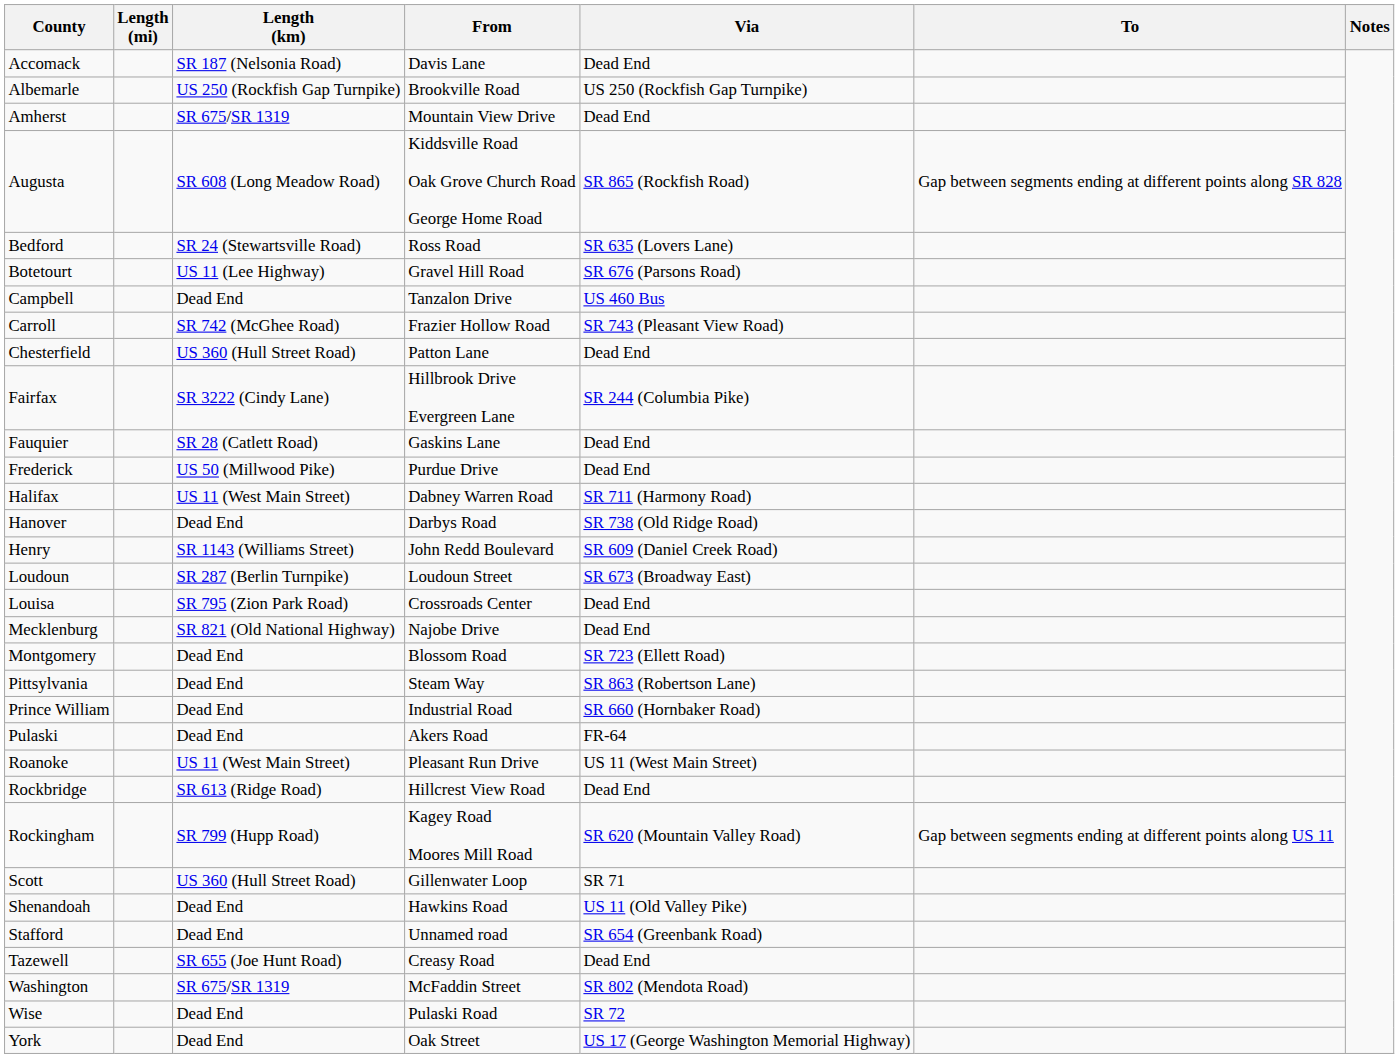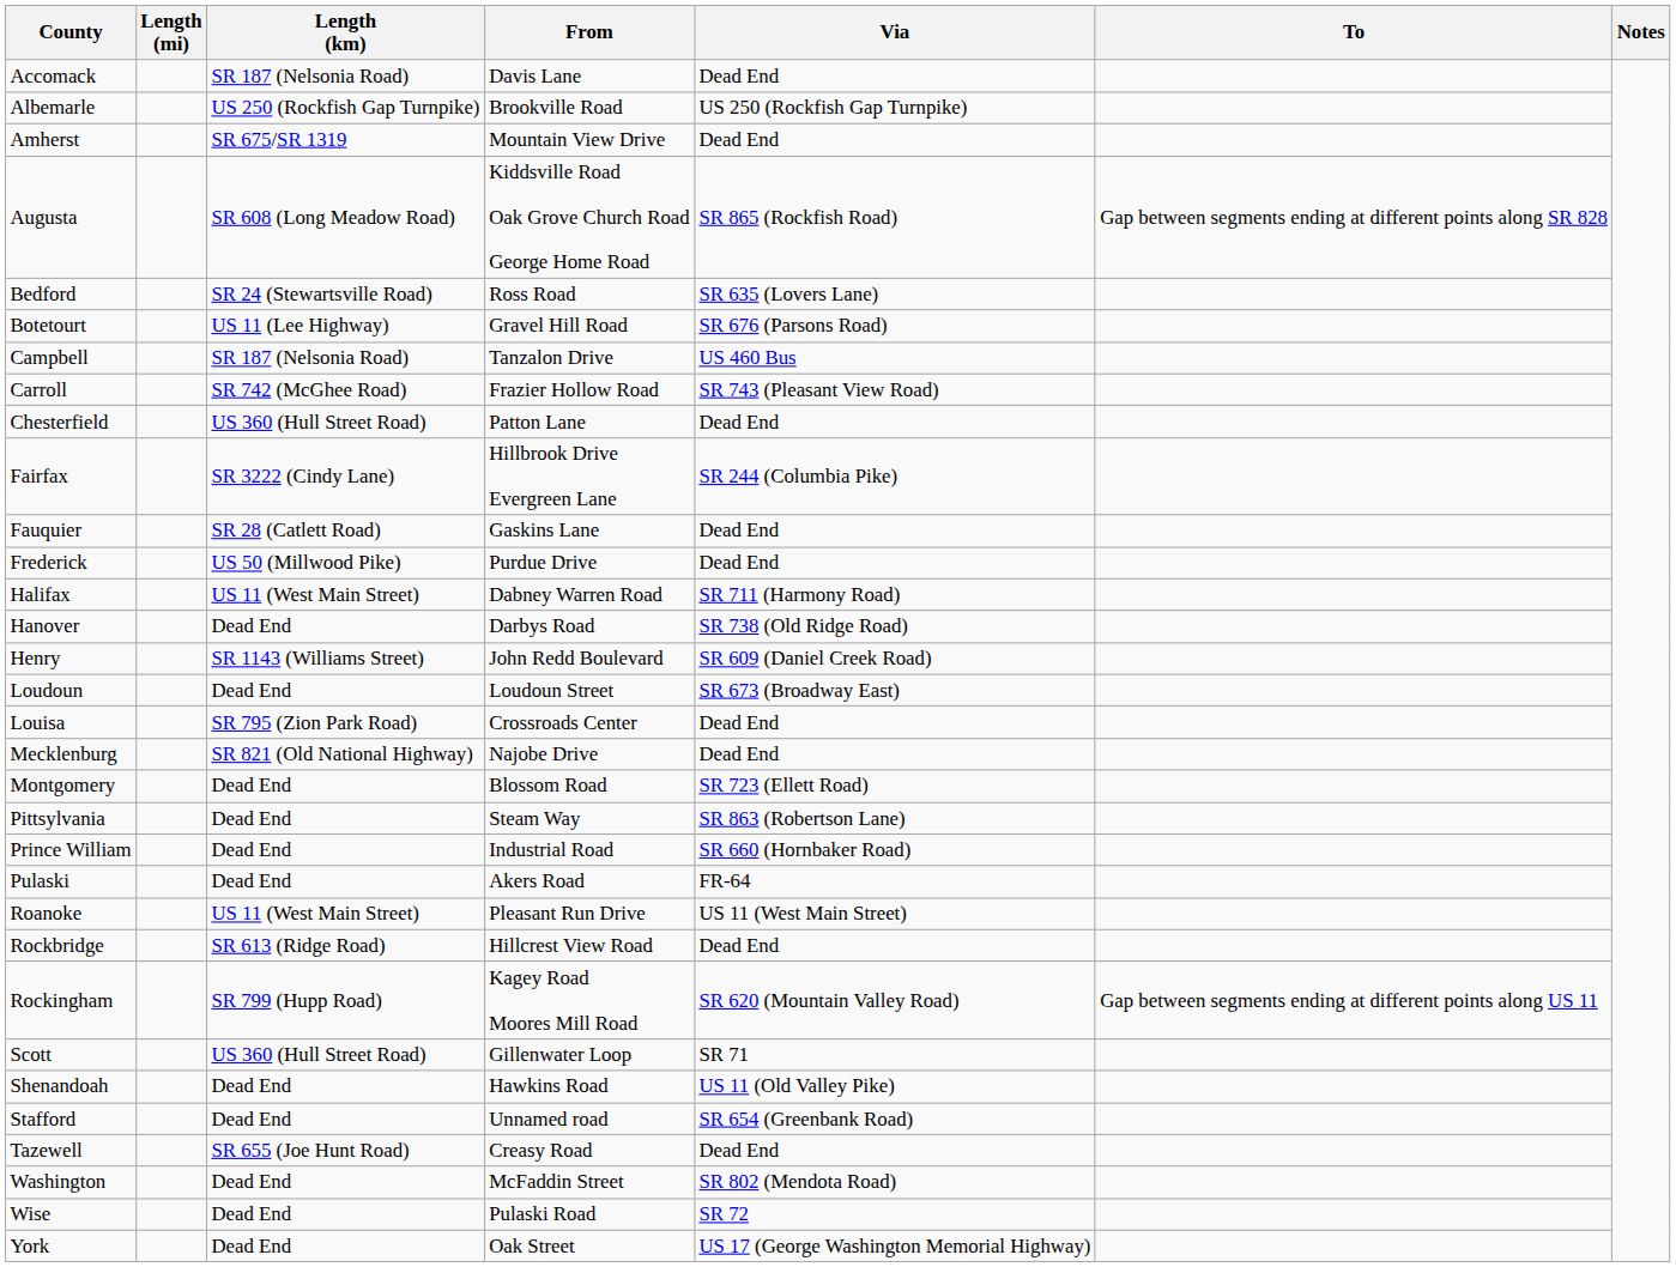 <table class="wikitable sortable">
 <tr>
 <th>County</th>
 <th>Length<br>(mi)</th>
 <th>Length<br>(km)</th>
 <th class="unsortable">From</th>
 <th class="unsortable">Via</th>
 <th class="unsortable">To</th>
 <th class="unsortable">Notes</th>
 </tr>
 <tr>
 <td id="Accomack">Accomack</td>
 <td></td>
 <td><a href='#'>SR 187</a> (Nelsonia Road)</td>
 <td>Davis Lane</td>
 <td>Dead End</td>
 <td></td>
 </tr>
 <tr>
 <td id="Albemarle">Albemarle</td>
 <td></td>
 <td><a href='#'>US 250</a> (Rockfish Gap Turnpike)</td>
 <td>Brookville Road</td>
 <td>US 250 (Rockfish Gap Turnpike)</td>
 <td><br> </td>
 </tr>
 <tr>
 <td id="Amherst">Amherst</td>
 <td></td>
 <td><a href='#'>SR 675</a>/<a href='#'>SR 1319</a></td>
 <td>Mountain View Drive</td>
 <td>Dead End</td>
 <td><br> </td>
 </tr>
 <tr>
 <td id="Augusta">Augusta</td>
 <td></td>
 <td><a href='#'>SR 608</a> (Long Meadow Road)</td>
 <td>Kiddsville Road<br><br>Oak Grove Church Road<br><br>George Home Road</td>
 <td><a href='#'>SR 865</a> (Rockfish Road)</td>
 <td>Gap between segments ending at different points along <a href='#'>SR 828</a><br></td>
 </tr>
 <tr>
 <td id="Bedford">Bedford</td>
 <td></td>
 <td><a href='#'>SR 24</a> (Stewartsville Road)</td>
 <td>Ross Road</td>
 <td><a href='#'>SR 635</a> (Lovers Lane)</td>
 <td><br></td>
 </tr>
 <tr>
 <td id="Botetourt">Botetourt</td>
 <td></td>
 <td><a href='#'>US 11</a> (Lee Highway)</td>
 <td>Gravel Hill Road</td>
 <td><a href='#'>SR 676</a> (Parsons Road)</td>
 <td><br>  </td>
 </tr>
 <tr>
 <td id="Campbell">Campbell</td>
 <td></td>
-<td>Dead End</td>
+<td><a href='#'>SR 187</a> (Nelsonia Road)</td>
 <td>Tanzalon Drive</td>
 <td><a href='#'>US 460 Bus</a></td>
 <td><br></td>
 </tr>
 <tr>
 <td id="Carroll">Carroll</td>
 <td></td>
 <td><a href='#'>SR 742</a> (McGhee Road)</td>
 <td>Frazier Hollow Road</td>
 <td><a href='#'>SR 743</a> (Pleasant View Road)</td>
 <td><br> </td>
 </tr>
 <tr>
 <td id="Chesterfield">Chesterfield</td>
 <td></td>
 <td><a href='#'>US 360</a> (Hull Street Road)</td>
 <td>Patton Lane</td>
 <td>Dead End</td>
 <td><br>      </td>
 </tr>
 <tr>
 <td id="Fairfax">Fairfax</td>
 <td></td>
 <td><a href='#'>SR 3222</a> (Cindy Lane)</td>
 <td>Hillbrook Drive<br><br>Evergreen Lane</td>
 <td><a href='#'>SR 244</a> (Columbia Pike)</td>
 <td></td>
 </tr>
 <tr>
 <td id="Fauquier">Fauquier</td>
 <td></td>
 <td><a href='#'>SR 28</a> (Catlett Road)</td>
 <td>Gaskins Lane</td>
 <td>Dead End</td>
 <td><br>  </td>
 </tr>
 <tr>
 <td id="Frederick">Frederick</td>
 <td></td>
 <td><a href='#'>US 50</a> (Millwood Pike)</td>
 <td>Purdue Drive</td>
 <td>Dead End</td>
 <td><br>     </td>
 </tr>
 <tr>
 <td id="Halifax">Halifax</td>
 <td></td>
 <td><a href='#'>US 11</a> (West Main Street)</td>
 <td>Dabney Warren Road</td>
 <td><a href='#'>SR 711</a> (Harmony Road)</td>
 <td></td>
 </tr>
 <tr>
 <td id="Hanover">Hanover</td>
 <td></td>
 <td>Dead End</td>
 <td>Darbys Road</td>
 <td><a href='#'>SR 738</a> (Old Ridge Road)</td>
 <td><br></td>
 </tr>
 <tr>
 <td id="Henry">Henry</td>
 <td></td>
 <td><a href='#'>SR 1143</a> (Williams Street)</td>
 <td>John Redd Boulevard</td>
 <td><a href='#'>SR 609</a> (Daniel Creek Road)</td>
 <td><br>       </td>
 </tr>
 <tr>
 <td id="Loudoun">Loudoun</td>
 <td></td>
-<td><a href='#'>SR 287</a> (Berlin Turnpike)</td>
+<td>Dead End</td>
 <td>Loudoun Street</td>
 <td><a href='#'>SR 673</a> (Broadway East)</td>
 <td></td>
 </tr>
 <tr>
 <td id="Louisa">Louisa</td>
 <td></td>
 <td><a href='#'>SR 795</a> (Zion Park Road)</td>
 <td>Crossroads Center</td>
 <td>Dead End</td>
 <td><br>  </td>
 </tr>
 <tr>
 <td id="Mecklenburg">Mecklenburg</td>
 <td></td>
 <td><a href='#'>SR 821</a> (Old National Highway)</td>
 <td>Najobe Drive</td>
 <td>Dead End</td>
 <td><br></td>
 </tr>
 <tr>
 <td id="Montgomery">Montgomery</td>
 <td></td>
 <td>Dead End</td>
 <td>Blossom Road</td>
 <td><a href='#'>SR 723</a> (Ellett Road)</td>
 <td><br>       </td>
 </tr>
 <tr>
 <td id="Pittsylvania">Pittsylvania</td>
 <td></td>
 <td>Dead End</td>
 <td>Steam Way</td>
 <td><a href='#'>SR 863</a> (Robertson Lane)</td>
 <td><br>  </td>
 </tr>
 <tr>
 <td id="Prince William">Prince William</td>
 <td></td>
 <td>Dead End</td>
 <td>Industrial Road</td>
 <td><a href='#'>SR 660</a> (Hornbaker Road)</td>
 <td></td>
 </tr>
 <tr>
 <td id="Pulaski">Pulaski</td>
 <td></td>
 <td>Dead End</td>
 <td>Akers Road</td>
 <td>FR-64</td>
 <td><br> </td>
 </tr>
 <tr>
 <td id="Roanoke">Roanoke</td>
 <td></td>
 <td><a href='#'>US 11</a> (West Main Street)</td>
 <td>Pleasant Run Drive</td>
 <td>US 11 (West Main Street)</td>
 <td></td>
 </tr>
 <tr>
 <td id="Rockbridge">Rockbridge</td>
 <td></td>
 <td><a href='#'>SR 613</a> (Ridge Road)</td>
 <td>Hillcrest View Road</td>
 <td>Dead End</td>
 <td></td>
 </tr>
 <tr>
 <td id="Rockingham">Rockingham</td>
 <td></td>
 <td><a href='#'>SR 799</a> (Hupp Road)</td>
 <td>Kagey Road<br><br>Moores Mill Road</td>
 <td><a href='#'>SR 620</a> (Mountain Valley Road)</td>
 <td>Gap between segments ending at different points along <a href='#'>US 11</a><br></td>
 </tr>
 <tr>
 <td id="Scott">Scott</td>
 <td></td>
 <td><a href='#'>US 360</a> (Hull Street Road)</td>
 <td>Gillenwater Loop</td>
 <td>SR 71</td>
 <td></td>
 </tr>
 <tr>
 <td id="Shenandoah">Shenandoah</td>
 <td></td>
 <td>Dead End</td>
 <td>Hawkins Road</td>
 <td><a href='#'>US 11</a> (Old Valley Pike)</td>
 <td><br>  </td>
 </tr>
 <tr>
 <td id="Stafford">Stafford</td>
 <td></td>
 <td>Dead End</td>
 <td>Unnamed road</td>
 <td><a href='#'>SR 654</a> (Greenbank Road)</td>
 <td><br> </td>
 </tr>
 <tr>
 <td id="Tazewell">Tazewell</td>
 <td></td>
 <td><a href='#'>SR 655</a> (Joe Hunt Road)</td>
 <td>Creasy Road</td>
 <td>Dead End</td>
 <td><br></td>
 </tr>
 <tr>
 <td id="Washington">Washington</td>
 <td></td>
-<td><a href='#'>SR 675</a>/<a href='#'>SR 1319</a></td>
+<td>Dead End</td>
 <td>McFaddin Street</td>
 <td><a href='#'>SR 802</a> (Mendota Road)</td>
 <td><br></td>
 </tr>
 <tr>
 <td id="Wise">Wise</td>
 <td></td>
 <td>Dead End</td>
 <td>Pulaski Road</td>
 <td><a href='#'>SR 72</a></td>
 <td><br></td>
 </tr>
 <tr>
 <td id="York">York</td>
 <td></td>
 <td>Dead End</td>
 <td>Oak Street</td>
 <td><a href='#'>US 17</a> (George Washington Memorial Highway)</td>
 <td></td>
 </tr>
 </table>
